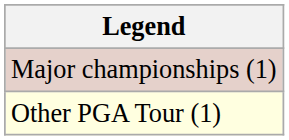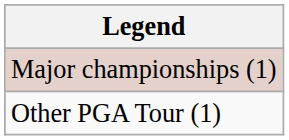 <table class="wikitable" style="font-size:95%">
 <tr>
 <th>Legend</th>
 </tr>
 <tr style="background:#e5d1cb;">
 <td>Major championships (1)</td>
 </tr>
 <tr>
-<td style="background: lightyellow;">Other PGA Tour (1)</td>
+<td>Other PGA Tour (1)</td>
 </tr>
 </table>
